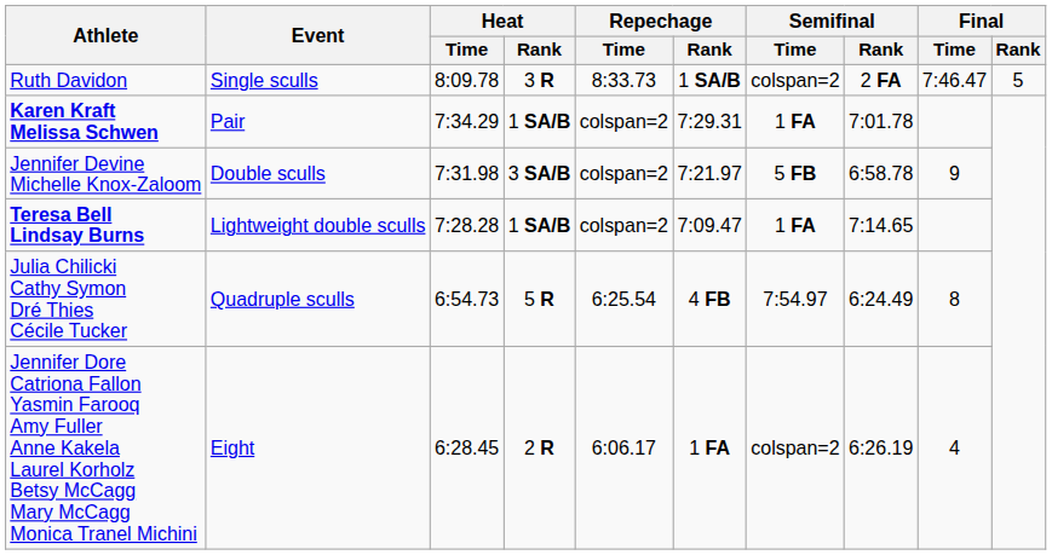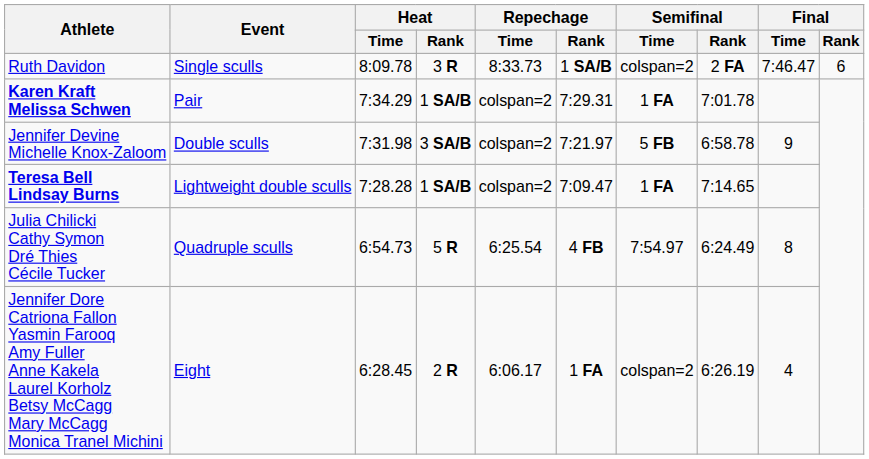 <table class=wikitable style=font-size:90%;text-align:center>
 <tr>
 <th rowspan=2>Athlete</th>
 <th rowspan=2>Event</th>
 <th colspan=2>Heat</th>
 <th colspan=2>Repechage</th>
 <th colspan=2>Semifinal</th>
 <th colspan=2>Final</th>
 </tr>
 <tr style=font-size:95%>
 <th>Time</th>
 <th>Rank</th>
 <th>Time</th>
 <th>Rank</th>
 <th>Time</th>
 <th>Rank</th>
 <th>Time</th>
 <th>Rank</th>
 </tr>
 <tr>
 <td align=left><a href='#'>Ruth Davidon</a></td>
 <td align=left><a href='#'>Single sculls</a></td>
 <td>8:09.78</td>
 <td>3 <strong>R</strong></td>
 <td>8:33.73</td>
 <td>1 <strong>SA/B</strong></td>
 <td>colspan=2 </td>
 <td>2 <strong>FA</strong></td>
 <td>7:46.47</td>
-<td>5</td>
+<td>6</td>
 </tr>
 <tr>
 <td align=left><strong><a href='#'>Karen Kraft</a><br><a href='#'>Melissa Schwen</a></strong></td>
 <td align=left><a href='#'>Pair</a></td>
 <td>7:34.29</td>
 <td>1 <strong>SA/B</strong></td>
 <td>colspan=2 </td>
 <td>7:29.31</td>
 <td>1 <strong>FA</strong></td>
 <td>7:01.78</td>
 <td></td>
 </tr>
 <tr>
 <td align=left><a href='#'>Jennifer Devine</a><br><a href='#'>Michelle Knox-Zaloom</a></td>
 <td align=left><a href='#'>Double sculls</a></td>
 <td>7:31.98</td>
 <td>3 <strong>SA/B</strong></td>
 <td>colspan=2 </td>
 <td>7:21.97</td>
 <td>5 <strong>FB</strong></td>
 <td>6:58.78</td>
 <td>9</td>
 </tr>
 <tr>
 <td align=left><strong><a href='#'>Teresa Bell</a><br><a href='#'>Lindsay Burns</a></strong></td>
 <td align=left><a href='#'>Lightweight double sculls</a></td>
 <td>7:28.28</td>
 <td>1 <strong>SA/B</strong></td>
 <td>colspan=2 </td>
 <td>7:09.47</td>
 <td>1 <strong>FA</strong></td>
 <td>7:14.65</td>
 <td></td>
 </tr>
 <tr>
 <td align=left><a href='#'>Julia Chilicki</a><br><a href='#'>Cathy Symon</a><br><a href='#'>Dré Thies</a><br><a href='#'>Cécile Tucker</a></td>
 <td align=left><a href='#'>Quadruple sculls</a></td>
 <td>6:54.73</td>
 <td>5 <strong>R</strong></td>
 <td>6:25.54</td>
 <td>4 <strong>FB</strong></td>
 <td>7:54.97</td>
 <td>6:24.49</td>
 <td>8</td>
 </tr>
 <tr>
 <td align=left><a href='#'>Jennifer Dore</a><br><a href='#'>Catriona Fallon</a><br><a href='#'>Yasmin Farooq</a><br><a href='#'>Amy Fuller</a><br><a href='#'>Anne Kakela</a><br><a href='#'>Laurel Korholz</a><br><a href='#'>Betsy McCagg</a><br><a href='#'>Mary McCagg</a><br><a href='#'>Monica Tranel Michini</a></td>
 <td align=left><a href='#'>Eight</a></td>
 <td>6:28.45</td>
 <td>2 <strong>R</strong></td>
 <td>6:06.17</td>
 <td>1 <strong>FA</strong></td>
 <td>colspan=2 </td>
 <td>6:26.19</td>
 <td>4</td>
 </tr>
 </table>
